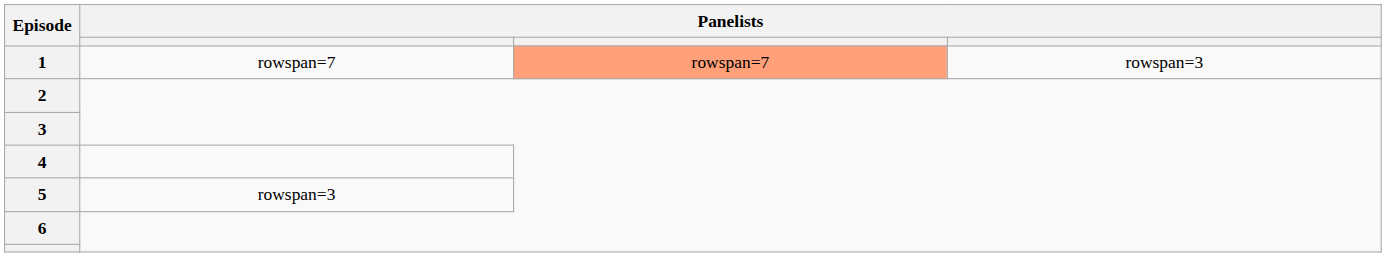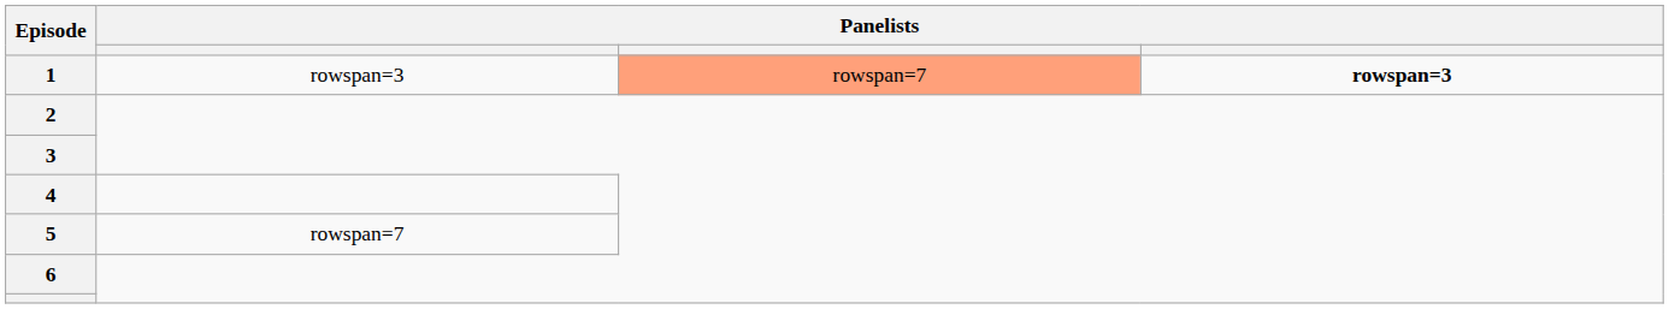 <table class="wikitable plainrowheaders mw-collapsible" style="text-align:center; line-height:23px; width:100%;">
 <tr>
 <th rowspan="2" width="1%">Episode</th>
 <th colspan="3">Panelists</th>
 </tr>
 <tr>
 <th width="20%"></th>
 <th width="20%"></th>
 <th width="20%"></th>
 </tr>
 <tr>
 <th>1</th>
-<td>rowspan=7 </td>
+<td>rowspan=3 </td>
 <td style="background: lightsalmon;">rowspan=7 </td>
-<td>rowspan=3 </td>
+<td><strong>rowspan=3 </strong></td>
 </tr>
 <tr>
 <th>2</th>
 </tr>
 <tr>
 <th>3</th>
 </tr>
 <tr>
 <th>4</th>
 <td></td>
 </tr>
 <tr>
 <th>5</th>
-<td>rowspan=3 </td>
+<td>rowspan=7 </td>
 </tr>
 <tr>
 <th>6</th>
 </tr>
 <tr>
 <th></th>
 </tr>
 </table>
